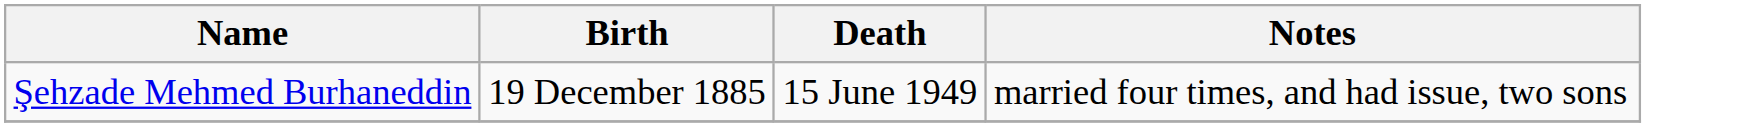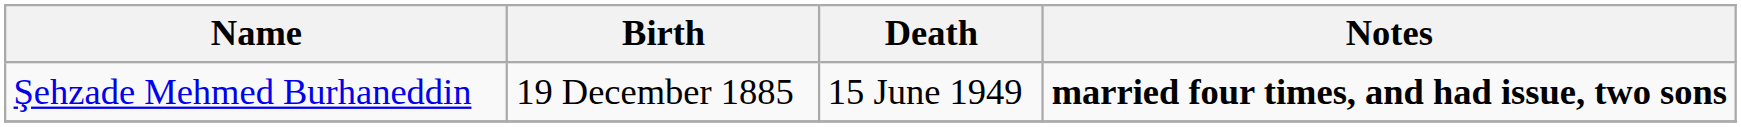 <table class="wikitable">
 <tr>
 <th>Name</th>
 <th>Birth</th>
 <th>Death</th>
 <th style="width:40%;">Notes</th>
 </tr>
 <tr>
 <td><a href='#'>Şehzade Mehmed Burhaneddin</a></td>
 <td>19 December 1885</td>
 <td>15 June 1949</td>
-<td>married four times, and had issue, two sons</td>
+<td><strong>married four times, and had issue, two sons</strong></td>
 </tr>
 <tr>
 </tr>
 </table>
